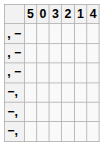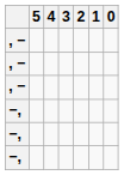 <table class="wikitable">
 <tr ---- valign="center">
 <th></th>
 <th>5</th>
-<th>0</th>
+<th>4</th>
 <th>3</th>
 <th>2</th>
 <th>1</th>
-<th>4</th>
+<th>0</th>
 </tr>
 <tr ---- valign="center" align="center">
 <th>, −</th>
 <td></td>
 <td></td>
 <td></td>
 <td></td>
 <td></td>
 <td></td>
 </tr>
 <tr ---- valign="center" align="center">
 <th>, −</th>
 <td></td>
 <td></td>
 <td></td>
 <td></td>
 <td></td>
 <td></td>
 </tr>
 <tr ---- valign="center" align="center">
 <th>, −</th>
 <td></td>
 <td></td>
 <td></td>
 <td></td>
 <td></td>
 <td></td>
 </tr>
 <tr ---- valign="center" align="center">
 <th>−, </th>
 <td></td>
 <td></td>
 <td></td>
 <td></td>
 <td></td>
 <td></td>
 </tr>
 <tr ---- valign="center" align="center">
 <th>−, </th>
 <td></td>
 <td></td>
 <td></td>
 <td></td>
 <td></td>
 <td></td>
 </tr>
 <tr>
 <th>−, </th>
 <td></td>
 <td></td>
 <td></td>
 <td></td>
 <td></td>
 <td></td>
 </tr>
 </table>
